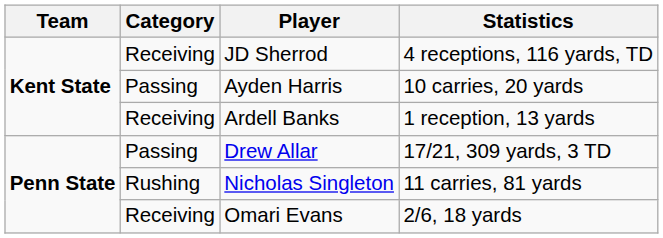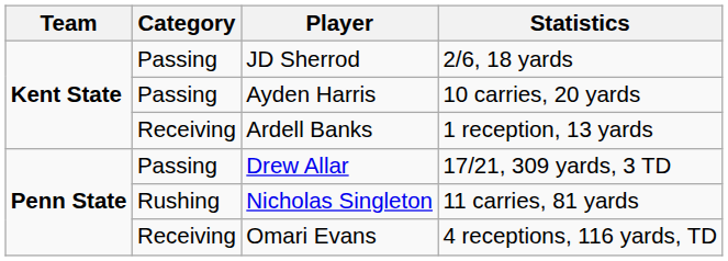 <table class="wikitable" style="float: right;">
 <tr>
 <th>Team</th>
 <th>Category</th>
 <th>Player</th>
 <th>Statistics</th>
 </tr>
 <tr>
 <td rowspan=3><strong>Kent State</strong></td>
-<td>Receiving</td>
+<td>Passing</td>
 <td>JD Sherrod</td>
-<td>4 receptions, 116 yards, TD</td>
+<td>2/6, 18 yards</td>
 </tr>
 <tr>
 <td>Passing</td>
 <td>Ayden Harris</td>
 <td>10 carries, 20 yards</td>
 </tr>
 <tr>
 <td>Receiving</td>
 <td>Ardell Banks</td>
 <td>1 reception, 13 yards</td>
 </tr>
 <tr>
 <td rowspan=3><strong>Penn State</strong></td>
 <td>Passing</td>
 <td><a href='#'>Drew Allar</a></td>
 <td>17/21, 309 yards, 3 TD</td>
 </tr>
 <tr>
 <td>Rushing</td>
 <td><a href='#'>Nicholas Singleton</a></td>
 <td>11 carries, 81 yards</td>
 </tr>
 <tr>
 <td>Receiving</td>
 <td>Omari Evans</td>
-<td>2/6, 18 yards</td>
+<td>4 receptions, 116 yards, TD</td>
 </tr>
 </table>
